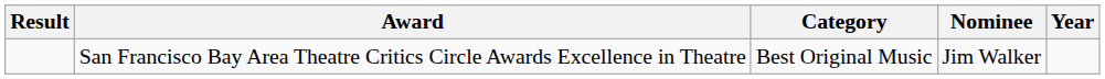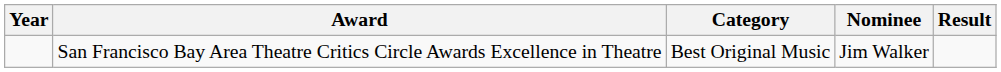 <table class="wikitable">
 <tr>
-<th>Result</th>
+<th>Year</th>
 <th>Award</th>
 <th>Category</th>
 <th>Nominee</th>
-<th>Year</th>
+<th>Result</th>
 </tr>
 <tr>
 <td></td>
 <td>San Francisco Bay Area Theatre Critics Circle Awards Excellence in Theatre</td>
 <td>Best Original Music</td>
 <td>Jim Walker</td>
 <td></td>
 </tr>
 </table>
